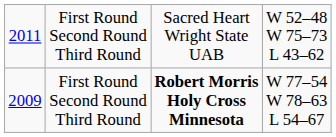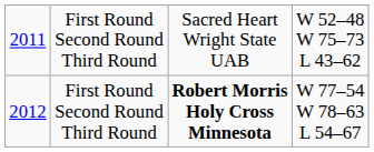 <table class="wikitable">
 <tr align="center">
 <td><a href='#'>2011</a></td>
 <td>First Round<br>Second Round<br>Third Round</td>
 <td>Sacred Heart<br>Wright State<br>UAB</td>
 <td>W 52–48<br>W 75–73<br>L 43–62</td>
 </tr>
 <tr align="center">
-<td><a href='#'>2009</a></td>
+<td><a href='#'>2012</a></td>
 <td>First Round<br>Second Round<br>Third Round</td>
 <td><strong>Robert Morris<br>Holy Cross<br>Minnesota</strong></td>
 <td>W 77–54<br>W 78–63<br>L 54–67</td>
 </tr>
 </table>
